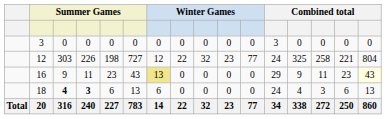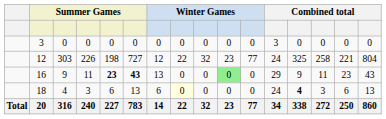 <table class="wikitable sortable" style="margin-top:0; text-align:center; font-size:90%;">
 <tr>
 <th></th>
 <th align="center" style="background-color:#f2f2ce;" colspan="5" ;>Summer Games</th>
 <th align="center" style="background-color:#cedff2;" colspan="5" ;>Winter Games</th>
 <th align="center" colspan="5" ;>Combined total</th>
 </tr>
 <tr>
 <th></th>
 <th style="background-color:#f2f2ce; width:2em;"><br></th>
 <th style="background-color:#f2f2ce; width:2em;"><br></th>
 <th style="background-color:#f2f2ce; width:2em;"><br></th>
 <th style="background-color:#f2f2ce; width:2em;"><br></th>
 <th style="background-color:#f2f2ce; width:2em;"><br></th>
 <th style="background-color:#cedff2; width:2em;"><br></th>
 <th style="background-color:#cedff2; width:2em;"><br></th>
 <th style="background-color:#cedff2; width:2em;"><br></th>
 <th style="background-color:#cedff2; width:2em;"><br></th>
 <th style="background-color:#cedff2; width:2em;"><br></th>
 <th style="width:2em;"><br></th>
 <th style="width:2em;"><br></th>
 <th style="width:2em;"><br></th>
 <th style="width:2em;"><br></th>
 <th style="width:2em;"><br></th>
 </tr>
 <tr>
 <td align=left></td>
 <td>3</td>
 <td>0</td>
 <td>0</td>
 <td>0</td>
 <td>0</td>
 <td>0</td>
 <td>0</td>
 <td>0</td>
 <td>0</td>
 <td>0</td>
 <td>3</td>
 <td>0</td>
 <td>0</td>
 <td>0</td>
 <td>0</td>
 </tr>
 <tr>
 <td align=left></td>
 <td>12</td>
 <td>303</td>
 <td>226</td>
 <td>198</td>
 <td>727</td>
 <td>12</td>
 <td>22</td>
 <td>32</td>
 <td>23</td>
 <td>77</td>
 <td>24</td>
 <td>325</td>
 <td>258</td>
 <td>221</td>
 <td>804</td>
 </tr>
 <tr>
 <td align=left></td>
 <td>16</td>
 <td>9</td>
 <td>11</td>
-<td>23</td>
-<td>43</td>
-<td style="background: khaki;">13</td>
+<td><strong>23</strong></td>
+<td><strong>43</strong></td>
+<td>13</td>
 <td>0</td>
 <td>0</td>
-<td>0</td>
+<td style="background: lightgreen;">0</td>
 <td>0</td>
 <td>29</td>
 <td>9</td>
 <td>11</td>
 <td>23</td>
-<td style="background: lightyellow;">43</td>
+<td>43</td>
 </tr>
 <tr>
 <td align=left></td>
 <td>18</td>
-<td><strong>4</strong></td>
-<td><strong>3</strong></td>
+<td>4</td>
+<td>3</td>
 <td>6</td>
 <td>13</td>
 <td>6</td>
-<td>0</td>
+<td style="background: lightyellow;">0</td>
 <td>0</td>
 <td>0</td>
 <td>0</td>
 <td>24</td>
-<td>4</td>
+<td><strong>4</strong></td>
 <td>3</td>
 <td>6</td>
 <td>13</td>
 </tr>
 <tr>
 <th style="text-align: center;">Total</th>
 <th>20</th>
 <th>316</th>
 <th>240</th>
 <th>227</th>
 <th>783</th>
 <th>14</th>
 <th>22</th>
 <th>32</th>
 <th>23</th>
 <th>77</th>
 <th>34</th>
 <th>338</th>
 <th>272</th>
 <th>250</th>
 <th>860</th>
 </tr>
 </table>
